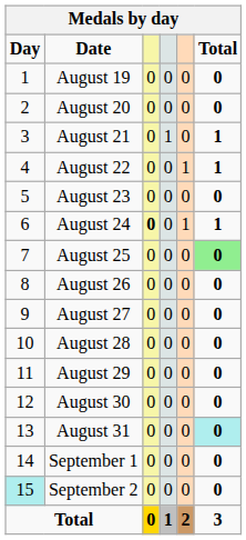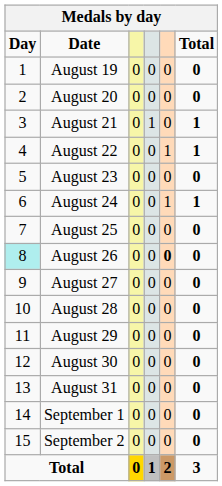 <table class=wikitable style="font-size:85%; float:right;text-align:center">
 <tr>
 <th colspan=7><strong>Medals by day</strong></th>
 </tr>
 <tr>
 <td><strong>Day</strong></td>
 <td><strong>Date</strong></td>
 <td bgcolor=F7F6A8></td>
 <td bgcolor=DCE5E5></td>
 <td bgcolor=FFDAB9></td>
 <td><strong>Total</strong></td>
 </tr>
 <tr>
 <td>1</td>
 <td>August 19</td>
 <td bgcolor=F7F6A8>0</td>
 <td bgcolor=DCE5E5>0</td>
 <td bgcolor=FFDAB9>0</td>
 <td><strong>0</strong></td>
 </tr>
 <tr>
 <td>2</td>
 <td>August 20</td>
 <td bgcolor=F7F6A8>0</td>
 <td bgcolor=DCE5E5>0</td>
 <td bgcolor=FFDAB9>0</td>
 <td><strong>0</strong></td>
 </tr>
 <tr>
 <td>3</td>
 <td>August 21</td>
 <td bgcolor=F7F6A8>0</td>
 <td bgcolor=DCE5E5>1</td>
 <td bgcolor=FFDAB9>0</td>
 <td><strong>1</strong></td>
 </tr>
 <tr>
 <td>4</td>
 <td>August 22</td>
 <td bgcolor=F7F6A8>0</td>
 <td bgcolor=DCE5E5>0</td>
 <td bgcolor=FFDAB9>1</td>
 <td><strong>1</strong></td>
 </tr>
 <tr>
 <td>5</td>
 <td>August 23</td>
 <td bgcolor=F7F6A8>0</td>
 <td bgcolor=DCE5E5>0</td>
 <td bgcolor=FFDAB9>0</td>
 <td><strong>0</strong></td>
 </tr>
 <tr>
 <td>6</td>
 <td>August 24</td>
-<td bgcolor=F7F6A8><strong>0</strong></td>
+<td bgcolor=F7F6A8>0</td>
 <td bgcolor=DCE5E5>0</td>
 <td bgcolor=FFDAB9>1</td>
 <td><strong>1</strong></td>
 </tr>
 <tr>
 <td>7</td>
 <td>August 25</td>
 <td bgcolor=F7F6A8>0</td>
 <td bgcolor=DCE5E5>0</td>
 <td bgcolor=FFDAB9>0</td>
-<td style="background: lightgreen;"><strong>0</strong></td>
+<td><strong>0</strong></td>
 </tr>
 <tr>
-<td>8</td>
+<td style="background: paleturquoise;">8</td>
 <td>August 26</td>
 <td bgcolor=F7F6A8>0</td>
 <td bgcolor=DCE5E5>0</td>
-<td bgcolor=FFDAB9>0</td>
+<td bgcolor=FFDAB9><strong>0</strong></td>
 <td><strong>0</strong></td>
 </tr>
 <tr>
 <td>9</td>
 <td>August 27</td>
 <td bgcolor=F7F6A8>0</td>
 <td bgcolor=DCE5E5>0</td>
 <td bgcolor=FFDAB9>0</td>
 <td><strong>0</strong></td>
 </tr>
 <tr>
 <td>10</td>
 <td>August 28</td>
 <td bgcolor=F7F6A8>0</td>
 <td bgcolor=DCE5E5>0</td>
 <td bgcolor=FFDAB9>0</td>
 <td><strong>0</strong></td>
 </tr>
 <tr>
 <td>11</td>
 <td>August 29</td>
 <td bgcolor=F7F6A8>0</td>
 <td bgcolor=DCE5E5>0</td>
 <td bgcolor=FFDAB9>0</td>
 <td><strong>0</strong></td>
 </tr>
 <tr>
 <td>12</td>
 <td>August 30</td>
 <td bgcolor=F7F6A8>0</td>
 <td bgcolor=DCE5E5>0</td>
 <td bgcolor=FFDAB9>0</td>
 <td><strong>0</strong></td>
 </tr>
 <tr>
 <td>13</td>
 <td>August 31</td>
 <td bgcolor=F7F6A8>0</td>
 <td bgcolor=DCE5E5>0</td>
 <td bgcolor=FFDAB9>0</td>
-<td style="background: paleturquoise;"><strong>0</strong></td>
+<td><strong>0</strong></td>
 </tr>
 <tr>
 <td>14</td>
 <td>September 1</td>
 <td bgcolor=F7F6A8>0</td>
 <td bgcolor=DCE5E5>0</td>
 <td bgcolor=FFDAB9>0</td>
 <td><strong>0</strong></td>
 </tr>
 <tr>
-<td style="background: paleturquoise;">15</td>
+<td>15</td>
 <td>September 2</td>
 <td bgcolor=F7F6A8>0</td>
 <td bgcolor=DCE5E5>0</td>
 <td bgcolor=FFDAB9>0</td>
 <td><strong>0</strong></td>
 </tr>
 <tr>
 <td colspan=2><strong>Total</strong></td>
 <td style="background:gold;"><strong>0</strong></td>
 <td style="background:silver;"><strong>1</strong></td>
 <td style="background:#c96;"><strong>2</strong></td>
 <td><strong>3</strong></td>
 </tr>
 </table>
